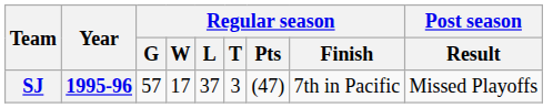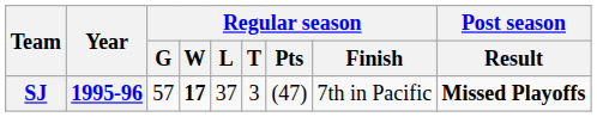 <table class="wikitable" style="font-size: 95%; text-align:center;">
 <tr>
 <th rowspan="2">Team</th>
 <th rowspan="2">Year</th>
 <th colspan="6"><a href='#'>Regular season</a></th>
 <th colspan="1"><a href='#'>Post season</a></th>
 </tr>
 <tr>
 <th>G</th>
 <th>W</th>
 <th>L</th>
 <th>T</th>
 <th>Pts</th>
 <th>Finish</th>
 <th>Result</th>
 </tr>
 <tr>
 <th><a href='#'>SJ</a></th>
 <th><a href='#'>1995-96</a></th>
 <td>57</td>
-<td>17</td>
+<td><strong>17</strong></td>
 <td>37</td>
 <td>3</td>
 <td>(47)</td>
 <td>7th in Pacific</td>
-<td>Missed Playoffs</td>
+<td><strong>Missed Playoffs</strong></td>
 </tr>
 </table>
